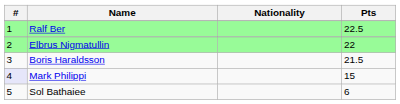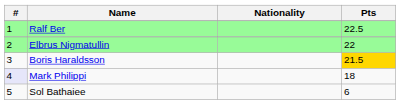 <table class="wikitable" style="display: inline-table; width: 50%;">
 <tr>
 <th>#</th>
 <th>Name</th>
 <th>Nationality</th>
 <th>Pts</th>
 </tr>
 <tr>
 </tr>
 <tr style="background:palegreen">
 <td>1</td>
 <td><a href='#'>Ralf Ber</a></td>
 <td></td>
 <td>22.5</td>
 </tr>
 <tr>
 </tr>
 <tr style="background:palegreen">
 <td>2</td>
 <td><a href='#'>Elbrus Nigmatullin</a></td>
 <td></td>
 <td>22</td>
 </tr>
 <tr>
 <td>3</td>
 <td><a href='#'>Boris Haraldsson</a></td>
 <td></td>
-<td>21.5</td>
+<td style="background: gold;">21.5</td>
 </tr>
 <tr>
 <td style="background: lavender;">4</td>
 <td><a href='#'>Mark Philippi</a></td>
 <td></td>
-<td>15</td>
+<td>18</td>
 </tr>
 <tr>
 <td>5</td>
 <td>Sol Bathaiee</td>
 <td></td>
 <td>6</td>
 </tr>
 </table>
